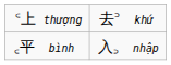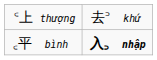 <table style="float: right;" class=wikitable>
 <tr>
 <td><big><big><big><sup> </sup>꜂上<sup> </sup></big></big><em>thượng</em></big> </td>
 <td><big><big><big><sup> </sup>去꜄<sup> </sup></big></big> <em>khứ</em></big></td>
 </tr>
 <tr>
 <td><big><big><sub> </sub><big>꜀平<sup> </sup></big></big> <em>bình</em></big></td>
-<td><big><big><sub> </sub><big>入꜆<sup> </sup></big></big> <em>nhập</em></big> </td>
+<td><strong><big><big><sub> </sub><big>入꜆<sup> </sup></big></big> <em>nhập</em></big> </strong></td>
 </tr>
 </table>
